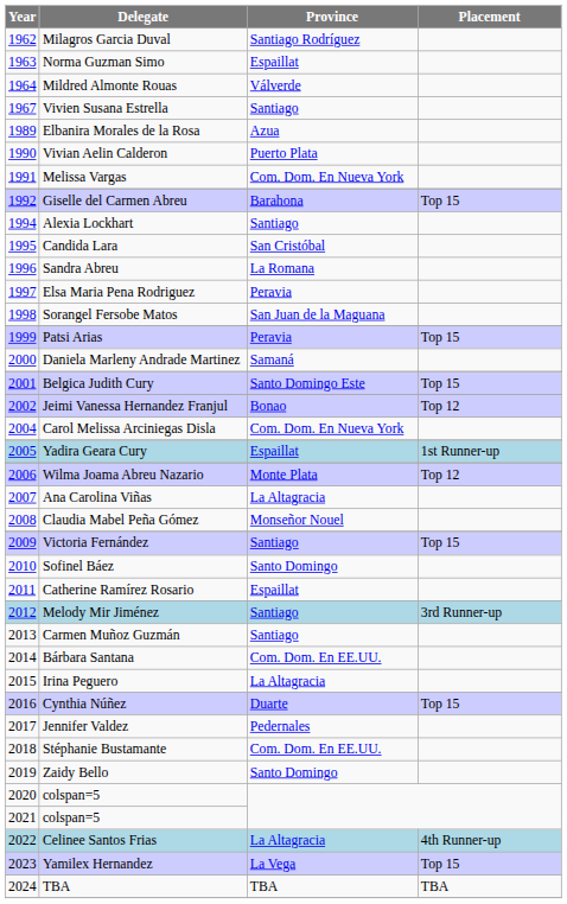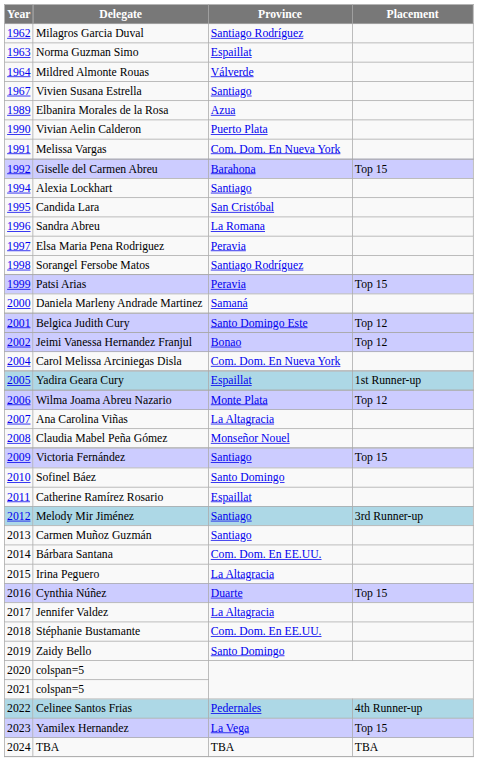 <table class="wikitable sortable" style="font-size: 95%;">
 <tr>
 <th width="30" style="background-color:#787878;color:#FFFFFF;">Year</th>
 <th width="220" style="background-color:#787878;color:#FFFFFF;">Delegate</th>
 <th width="180" style="background-color:#787878;color:#FFFFFF;">Province</th>
 <th width="150" style="background-color:#787878;color:#FFFFFF;">Placement</th>
 </tr>
 <tr>
 <td><a href='#'>1962</a></td>
 <td>Milagros Garcia Duval</td>
 <td><a href='#'>Santiago Rodríguez</a></td>
 <td></td>
 </tr>
 <tr>
 <td><a href='#'>1963</a></td>
 <td>Norma Guzman Simo</td>
 <td><a href='#'>Espaillat</a></td>
 <td></td>
 </tr>
 <tr>
 <td><a href='#'>1964</a></td>
 <td>Mildred Almonte Rouas</td>
 <td><a href='#'>Válverde</a></td>
 <td></td>
 </tr>
 <tr>
 <td><a href='#'>1967</a></td>
 <td>Vivien Susana Estrella</td>
 <td><a href='#'>Santiago</a></td>
 <td></td>
 </tr>
 <tr>
 <td><a href='#'>1989</a></td>
 <td>Elbanira Morales de la Rosa</td>
 <td><a href='#'>Azua</a></td>
 <td></td>
 </tr>
 <tr>
 <td><a href='#'>1990</a></td>
 <td>Vivian Aelin Calderon</td>
 <td><a href='#'>Puerto Plata</a></td>
 <td></td>
 </tr>
 <tr>
 <td><a href='#'>1991</a></td>
 <td>Melissa Vargas</td>
 <td><a href='#'>Com. Dom. En Nueva York</a></td>
 <td></td>
 </tr>
 <tr>
 </tr>
 <tr style="background-color:#CCCCFF">
 <td><a href='#'>1992</a></td>
 <td>Giselle del Carmen Abreu</td>
 <td><a href='#'>Barahona</a></td>
 <td>Top 15</td>
 </tr>
 <tr>
 <td><a href='#'>1994</a></td>
 <td>Alexia Lockhart</td>
 <td><a href='#'>Santiago</a></td>
 <td></td>
 </tr>
 <tr>
 <td><a href='#'>1995</a></td>
 <td>Candida Lara</td>
 <td><a href='#'>San Cristóbal</a></td>
 <td></td>
 </tr>
 <tr>
 <td><a href='#'>1996</a></td>
 <td>Sandra Abreu</td>
 <td><a href='#'>La Romana</a></td>
 <td></td>
 </tr>
 <tr>
 <td><a href='#'>1997</a></td>
 <td>Elsa Maria Pena Rodriguez</td>
 <td><a href='#'>Peravia</a></td>
 <td></td>
 </tr>
 <tr>
 <td><a href='#'>1998</a></td>
 <td>Sorangel Fersobe Matos</td>
-<td><a href='#'>San Juan de la Maguana</a></td>
+<td><a href='#'>Santiago Rodríguez</a></td>
 <td></td>
 </tr>
 <tr>
 </tr>
 <tr style="background-color:#CCCCFF">
 <td><a href='#'>1999</a></td>
 <td>Patsi Arias</td>
 <td><a href='#'>Peravia</a></td>
 <td>Top 15</td>
 </tr>
 <tr>
 <td><a href='#'>2000</a></td>
 <td>Daniela Marleny Andrade Martinez</td>
 <td><a href='#'>Samaná</a></td>
 <td></td>
 </tr>
 <tr>
 </tr>
 <tr style="background-color:#CCCCFF">
 <td><a href='#'>2001</a></td>
 <td>Belgica Judith Cury</td>
 <td><a href='#'>Santo Domingo Este</a></td>
-<td>Top 15</td>
+<td>Top 12</td>
 </tr>
 <tr>
 </tr>
 <tr style="background-color:#CCCCFF">
 <td><a href='#'>2002</a></td>
 <td>Jeimi Vanessa Hernandez Franjul</td>
 <td><a href='#'>Bonao</a></td>
 <td>Top 12</td>
 </tr>
 <tr>
 <td><a href='#'>2004</a></td>
 <td>Carol Melissa Arciniegas Disla</td>
 <td><a href='#'>Com. Dom. En Nueva York</a></td>
 <td></td>
 </tr>
 <tr>
 </tr>
 <tr style="background-color:#ADD8E6">
 <td><a href='#'>2005</a></td>
 <td>Yadira Geara Cury</td>
 <td><a href='#'>Espaillat</a></td>
 <td>1st Runner-up</td>
 </tr>
 <tr>
 </tr>
 <tr style="background-color:#CCCCFF">
 <td><a href='#'>2006</a></td>
 <td>Wilma Joama Abreu Nazario</td>
 <td><a href='#'>Monte Plata</a></td>
 <td>Top 12</td>
 </tr>
 <tr>
 <td><a href='#'>2007</a></td>
 <td>Ana Carolina Viñas</td>
 <td><a href='#'>La Altagracia</a></td>
 <td></td>
 </tr>
 <tr>
 <td><a href='#'>2008</a></td>
 <td>Claudia Mabel Peña Gómez</td>
 <td><a href='#'>Monseñor Nouel</a></td>
 <td></td>
 </tr>
 <tr>
 </tr>
 <tr style="background-color:#CCCCFF">
 <td><a href='#'>2009</a></td>
 <td>Victoria Fernández</td>
 <td><a href='#'>Santiago</a></td>
 <td>Top 15</td>
 </tr>
 <tr>
 <td><a href='#'>2010</a></td>
 <td>Sofinel Báez</td>
 <td><a href='#'>Santo Domingo</a></td>
 <td></td>
 </tr>
 <tr>
 <td><a href='#'>2011</a></td>
 <td>Catherine Ramírez Rosario</td>
 <td><a href='#'>Espaillat</a></td>
 <td></td>
 </tr>
 <tr style="background-color:#ADD8E6">
 <td><a href='#'>2012</a></td>
 <td>Melody Mir Jiménez</td>
 <td><a href='#'>Santiago</a></td>
 <td>3rd Runner-up</td>
 </tr>
 <tr>
 <td>2013</td>
 <td>Carmen Muñoz Guzmán</td>
 <td><a href='#'>Santiago</a></td>
 <td></td>
 </tr>
 <tr>
 <td>2014</td>
 <td>Bárbara Santana</td>
 <td><a href='#'>Com. Dom. En EE.UU.</a></td>
 <td></td>
 </tr>
 <tr>
 <td>2015</td>
 <td>Irina Peguero</td>
 <td><a href='#'>La Altagracia</a></td>
 <td></td>
 </tr>
 <tr style="background-color:#CCCCFF">
 <td>2016</td>
 <td>Cynthia Núñez</td>
 <td><a href='#'>Duarte</a></td>
 <td>Top 15</td>
 </tr>
 <tr>
 <td>2017</td>
 <td>Jennifer Valdez</td>
-<td><a href='#'>Pedernales</a></td>
+<td><a href='#'>La Altagracia</a></td>
 <td></td>
 </tr>
 <tr>
 <td>2018</td>
 <td>Stéphanie Bustamante</td>
 <td><a href='#'>Com. Dom. En EE.UU.</a></td>
 <td></td>
 </tr>
 <tr>
 <td>2019</td>
 <td>Zaidy Bello</td>
 <td><a href='#'>Santo Domingo</a></td>
 <td></td>
 </tr>
 <tr>
 <td>2020</td>
 <td>colspan=5 </td>
 </tr>
 <tr>
 <td>2021</td>
 <td>colspan=5 </td>
 </tr>
 <tr style="background:#ADD8E6;">
 <td>2022</td>
 <td>Celinee Santos Frias</td>
-<td><a href='#'>La Altagracia</a></td>
+<td><a href='#'>Pedernales</a></td>
 <td>4th Runner-up</td>
 </tr>
 <tr style="background-color:#CCCCFF">
 <td>2023</td>
 <td>Yamilex Hernandez</td>
 <td><a href='#'>La Vega</a></td>
 <td>Top 15</td>
 </tr>
 <tr>
 <td>2024</td>
 <td>TBA</td>
 <td>TBA</td>
 <td>TBA</td>
 </tr>
 <tr>
 </tr>
 </table>
